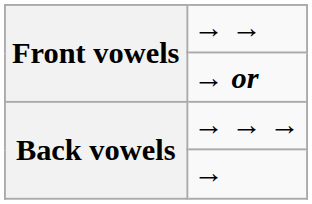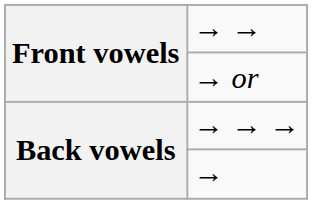 <table class="wikitable">
 <tr>
 <th rowspan="2">Front vowels</th>
 <td> →  → </td>
 </tr>
 <tr>
-<td><strong> →  <em>or</em> </strong></td>
+<td> →  <em>or</em> </td>
 </tr>
 <tr>
 <th rowspan="2">Back vowels</th>
 <td> →  →  → </td>
 </tr>
 <tr>
 <td> → </td>
 </tr>
 </table>
